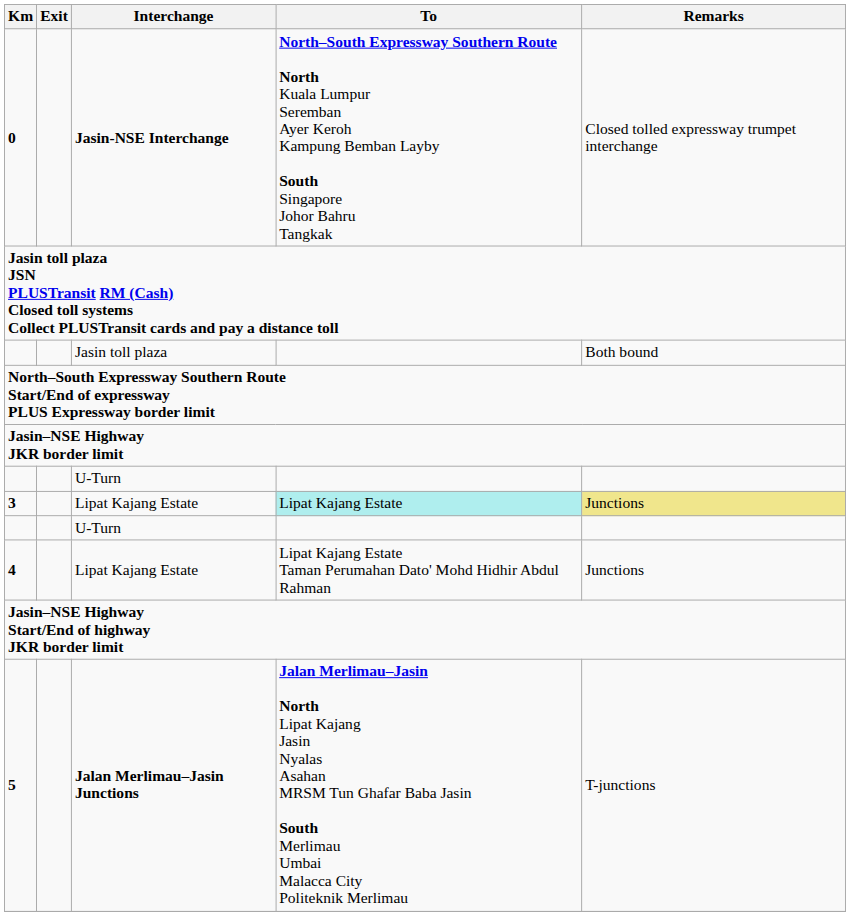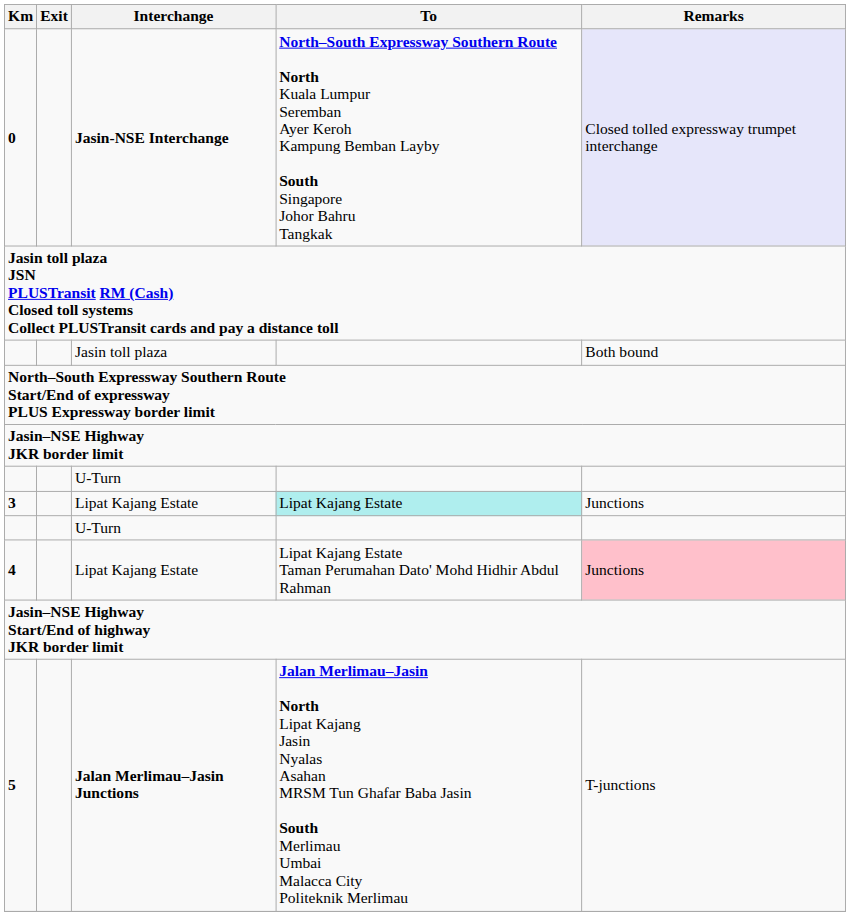 <table class="wikitable">
 <tr>
 <th>Km</th>
 <th>Exit</th>
 <th>Interchange</th>
 <th>To</th>
 <th>Remarks</th>
 </tr>
 <tr>
 <td><strong>0</strong></td>
 <td></td>
 <td><strong>Jasin-NSE Interchange</strong></td>
 <td>  <strong><a href='#'>North–South Expressway Southern Route</a></strong><br><br><strong>North</strong><br>Kuala Lumpur<br>Seremban<br>Ayer Keroh<br> Kampung Bemban Layby<br><br><strong>South</strong><br>Singapore<br>Johor Bahru<br>Tangkak</td>
-<td>Closed tolled expressway trumpet interchange</td>
+<td style="background: lavender;">Closed tolled expressway trumpet interchange</td>
 </tr>
 <tr>
 <td style="width:600px" colspan="6" style="text-align:center;background-color:green;color:white;"><strong>Jasin toll plaza<br>JSN<br><a href='#'><span>PLUSTransit</span></a>   <a href='#'><span>RM (Cash)</span></a><br>Closed toll systems<br>Collect PLUSTransit cards and pay a distance toll</strong></td>
 </tr>
 <tr>
 <td></td>
 <td></td>
 <td> Jasin toll plaza</td>
 <td>   </td>
 <td>Both bound</td>
 </tr>
 <tr>
 <td style="width:600px" colspan="6" style="text-align:center;background-color:green;color:white;"><strong>  North–South Expressway Southern Route<br>Start/End of expressway<br>PLUS Expressway border limit</strong></td>
 </tr>
 <tr>
 <td style="width:600px" colspan="6" style="text-align:center;background-color:blue;color:white;"> <strong>Jasin–NSE Highway<br>JKR border limit</strong></td>
 </tr>
 <tr>
 <td></td>
 <td></td>
 <td>U-Turn</td>
 <td></td>
 <td></td>
 </tr>
 <tr>
 <td><strong>3</strong></td>
 <td></td>
 <td>Lipat Kajang Estate</td>
 <td style="background: paleturquoise;">Lipat Kajang Estate</td>
-<td style="background: khaki;">Junctions</td>
+<td>Junctions</td>
 </tr>
 <tr>
 <td></td>
 <td></td>
 <td>U-Turn</td>
 <td></td>
 <td></td>
 </tr>
 <tr>
 <td><strong>4</strong></td>
 <td></td>
 <td>Lipat Kajang Estate</td>
 <td>Lipat Kajang Estate<br>Taman Perumahan Dato' Mohd Hidhir Abdul Rahman</td>
-<td>Junctions</td>
+<td style="background: pink;">Junctions</td>
 </tr>
 <tr>
 <td style="width:600px" colspan="6" style="text-align:center;background-color:blue;color:white;"> <strong>Jasin–NSE Highway<br>Start/End of highway<br>JKR border limit</strong></td>
 </tr>
 <tr>
 <td><strong>5</strong></td>
 <td></td>
 <td><strong>Jalan Merlimau–Jasin Junctions</strong></td>
 <td> <strong><a href='#'>Jalan Merlimau–Jasin</a></strong><br><br><strong>North</strong><br> Lipat Kajang<br> Jasin<br> Nyalas<br> Asahan<br>MRSM Tun Ghafar Baba Jasin <br><br><strong>South</strong><br> Merlimau<br> Umbai<br>  Malacca City<br>Politeknik Merlimau </td>
 <td>T-junctions</td>
 </tr>
 <tr>
 </tr>
 </table>
